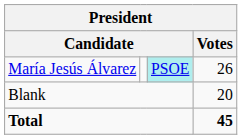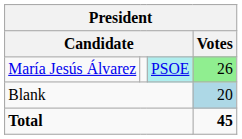 <table class="wikitable" style="font-size:90%; text-align:right;">
 <tr>
 <th colspan="4">President</th>
 </tr>
 <tr>
 <th colspan="3" valign="bottom">Candidate</th>
 <th>Votes</th>
 </tr>
 <tr>
 <td align="left"><a href='#'>María Jesús Álvarez</a></td>
 <td style="background:"></td>
 <td align="left" style="background: paleturquoise;"><a href='#'>PSOE</a></td>
-<td>26</td>
+<td style="background: lightgreen;">26</td>
 </tr>
 <tr>
 <td colspan="3" align="left">Blank</td>
-<td>20</td>
+<td style="background: lightblue;">20</td>
 </tr>
 <tr style="font-weight:bold">
 <td colspan="3" align="left">Total</td>
 <td>45</td>
 </tr>
 </table>
